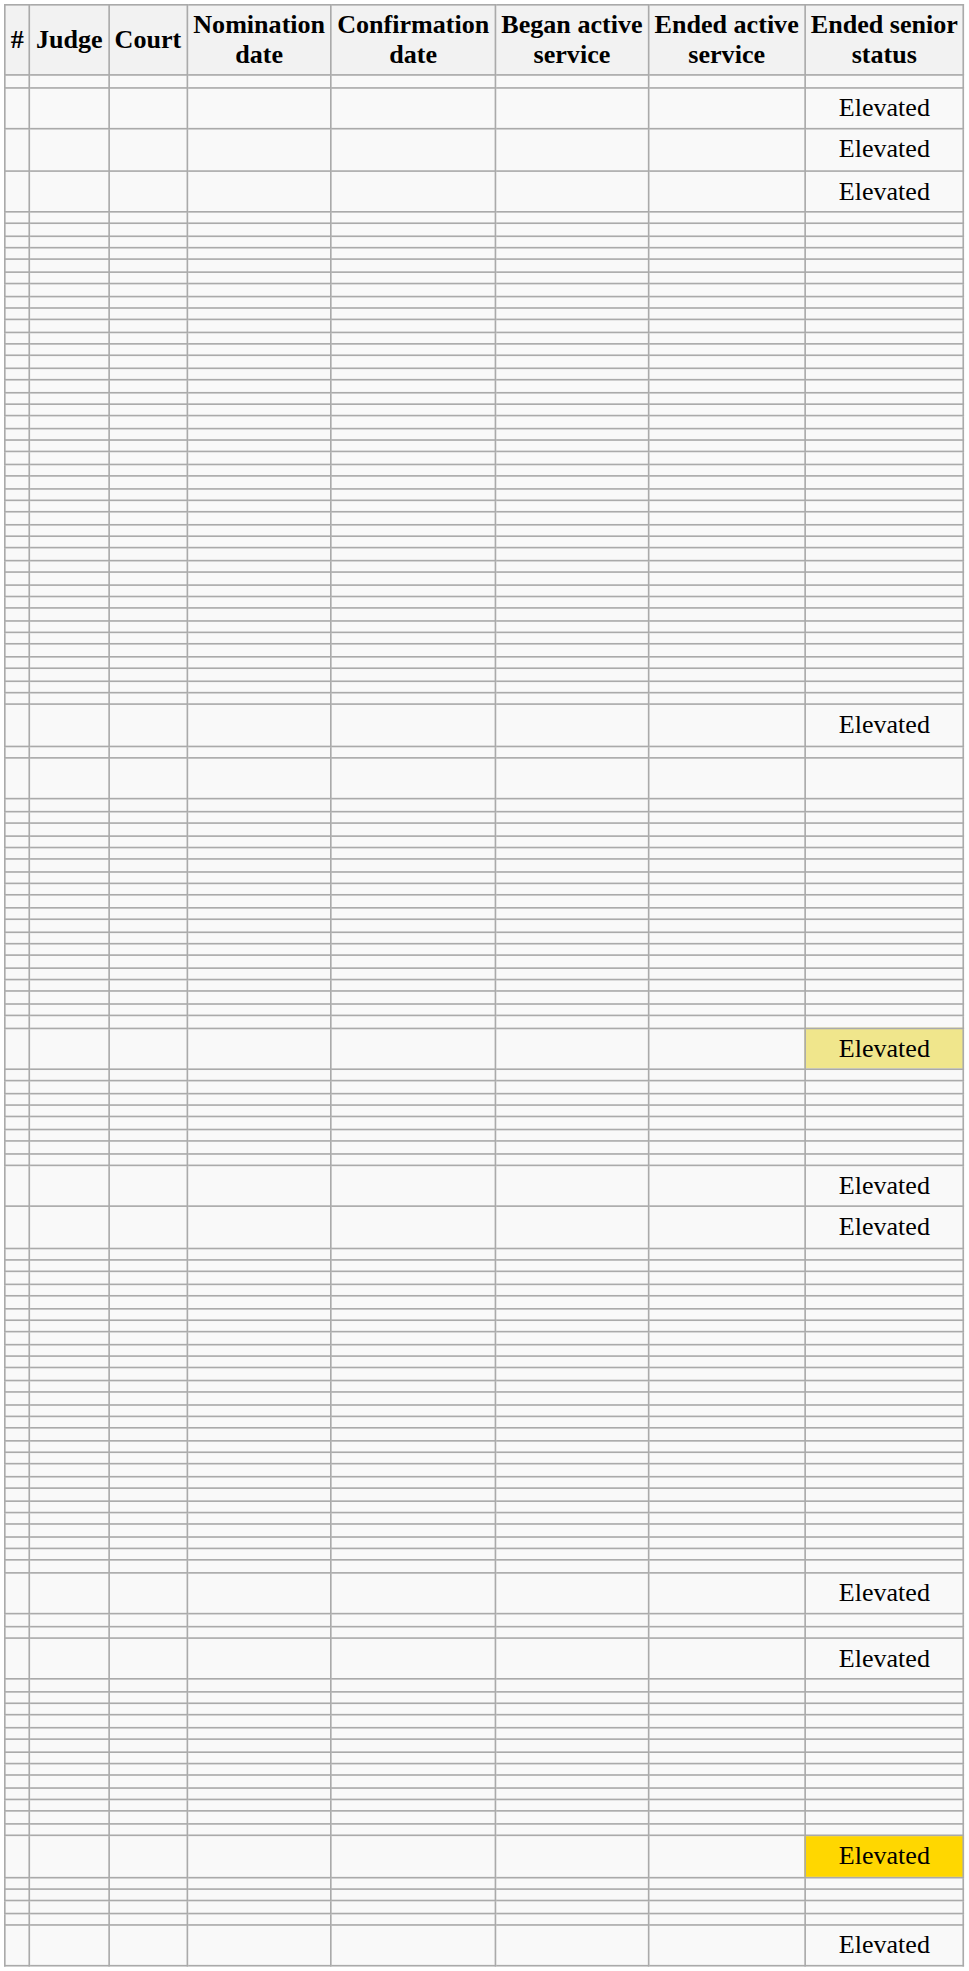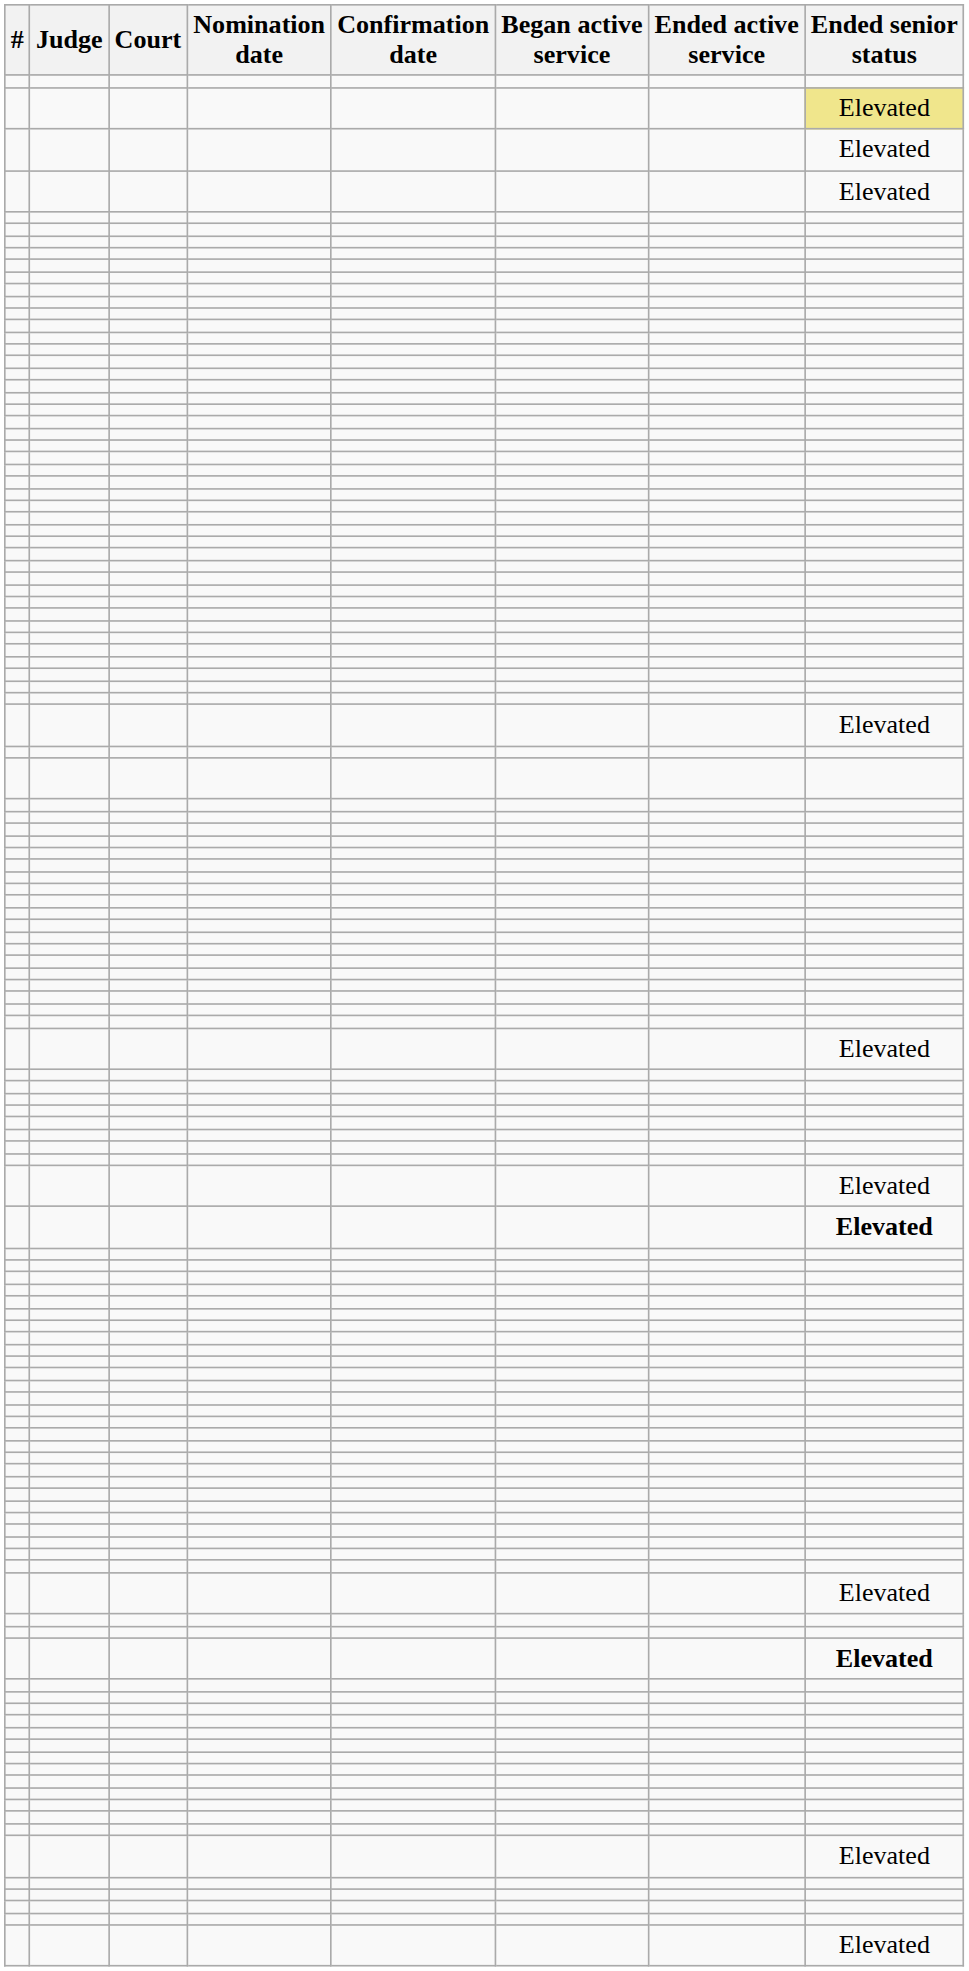 <table class="sortable wikitable">
 <tr bgcolor="#ececec">
 <th>#</th>
 <th>Judge</th>
 <th>Court<br></th>
 <th>Nomination<br>date</th>
 <th>Confirmation<br>date</th>
 <th>Began active<br>service</th>
 <th>Ended active<br>service</th>
 <th>Ended senior<br>status</th>
 </tr>
 <tr>
 <td></td>
 <td></td>
 <td></td>
 <td></td>
 <td></td>
 <td></td>
 <td></td>
 <td></td>
 </tr>
 <tr>
 <td></td>
 <td></td>
 <td></td>
 <td></td>
 <td></td>
 <td></td>
 <td></td>
-<td align="center">Elevated</td>
+<td align="center" style="background: khaki;">Elevated</td>
 </tr>
 <tr>
 <td></td>
 <td></td>
 <td></td>
 <td></td>
 <td></td>
 <td></td>
 <td></td>
 <td align="center">Elevated</td>
 </tr>
 <tr>
 <td></td>
 <td></td>
 <td></td>
 <td></td>
 <td></td>
 <td></td>
 <td></td>
 <td align="center">Elevated</td>
 </tr>
 <tr>
 <td></td>
 <td></td>
 <td></td>
 <td></td>
 <td></td>
 <td></td>
 <td></td>
 <td></td>
 </tr>
 <tr>
 <td></td>
 <td></td>
 <td></td>
 <td></td>
 <td align="center"></td>
 <td></td>
 <td></td>
 <td align="center"></td>
 </tr>
 <tr>
 <td></td>
 <td></td>
 <td></td>
 <td></td>
 <td></td>
 <td></td>
 <td></td>
 <td></td>
 </tr>
 <tr>
 <td></td>
 <td></td>
 <td></td>
 <td></td>
 <td></td>
 <td></td>
 <td></td>
 <td></td>
 </tr>
 <tr>
 <td></td>
 <td></td>
 <td></td>
 <td></td>
 <td></td>
 <td></td>
 <td></td>
 <td align="center"></td>
 </tr>
 <tr>
 <td></td>
 <td></td>
 <td></td>
 <td></td>
 <td></td>
 <td></td>
 <td></td>
 <td></td>
 </tr>
 <tr>
 <td></td>
 <td></td>
 <td></td>
 <td></td>
 <td></td>
 <td></td>
 <td></td>
 <td></td>
 </tr>
 <tr>
 <td></td>
 <td></td>
 <td></td>
 <td></td>
 <td></td>
 <td></td>
 <td></td>
 <td></td>
 </tr>
 <tr>
 <td></td>
 <td></td>
 <td></td>
 <td></td>
 <td></td>
 <td></td>
 <td></td>
 <td></td>
 </tr>
 <tr>
 <td></td>
 <td></td>
 <td></td>
 <td></td>
 <td></td>
 <td></td>
 <td></td>
 <td></td>
 </tr>
 <tr>
 <td></td>
 <td></td>
 <td></td>
 <td></td>
 <td></td>
 <td></td>
 <td></td>
 <td></td>
 </tr>
 <tr>
 <td></td>
 <td></td>
 <td></td>
 <td></td>
 <td></td>
 <td></td>
 <td></td>
 <td></td>
 </tr>
 <tr>
 <td></td>
 <td></td>
 <td></td>
 <td></td>
 <td></td>
 <td></td>
 <td></td>
 <td></td>
 </tr>
 <tr>
 <td></td>
 <td></td>
 <td></td>
 <td></td>
 <td></td>
 <td></td>
 <td></td>
 <td></td>
 </tr>
 <tr>
 <td></td>
 <td></td>
 <td></td>
 <td></td>
 <td></td>
 <td></td>
 <td></td>
 <td align="center"></td>
 </tr>
 <tr>
 <td></td>
 <td></td>
 <td></td>
 <td></td>
 <td></td>
 <td></td>
 <td></td>
 <td></td>
 </tr>
 <tr>
 <td></td>
 <td></td>
 <td></td>
 <td></td>
 <td></td>
 <td></td>
 <td></td>
 <td></td>
 </tr>
 <tr>
 <td></td>
 <td></td>
 <td></td>
 <td></td>
 <td></td>
 <td></td>
 <td></td>
 <td></td>
 </tr>
 <tr>
 <td></td>
 <td></td>
 <td></td>
 <td></td>
 <td></td>
 <td></td>
 <td></td>
 <td></td>
 </tr>
 <tr>
 <td></td>
 <td></td>
 <td></td>
 <td></td>
 <td></td>
 <td></td>
 <td></td>
 <td></td>
 </tr>
 <tr>
 <td></td>
 <td></td>
 <td></td>
 <td></td>
 <td></td>
 <td></td>
 <td></td>
 <td></td>
 </tr>
 <tr>
 <td></td>
 <td></td>
 <td></td>
 <td></td>
 <td></td>
 <td></td>
 <td></td>
 <td></td>
 </tr>
 <tr>
 <td></td>
 <td></td>
 <td></td>
 <td></td>
 <td></td>
 <td></td>
 <td></td>
 <td></td>
 </tr>
 <tr>
 <td></td>
 <td></td>
 <td></td>
 <td></td>
 <td></td>
 <td></td>
 <td></td>
 <td></td>
 </tr>
 <tr>
 <td></td>
 <td></td>
 <td></td>
 <td></td>
 <td></td>
 <td></td>
 <td></td>
 <td></td>
 </tr>
 <tr>
 <td></td>
 <td></td>
 <td></td>
 <td></td>
 <td></td>
 <td></td>
 <td></td>
 <td></td>
 </tr>
 <tr>
 <td></td>
 <td></td>
 <td></td>
 <td></td>
 <td></td>
 <td></td>
 <td></td>
 <td></td>
 </tr>
 <tr>
 <td></td>
 <td></td>
 <td></td>
 <td></td>
 <td></td>
 <td></td>
 <td></td>
 <td></td>
 </tr>
 <tr>
 <td></td>
 <td></td>
 <td></td>
 <td></td>
 <td></td>
 <td></td>
 <td></td>
 <td></td>
 </tr>
 <tr>
 <td></td>
 <td></td>
 <td></td>
 <td></td>
 <td></td>
 <td></td>
 <td></td>
 <td align="center"></td>
 </tr>
 <tr>
 <td></td>
 <td></td>
 <td></td>
 <td></td>
 <td></td>
 <td></td>
 <td></td>
 <td></td>
 </tr>
 <tr>
 <td></td>
 <td></td>
 <td></td>
 <td></td>
 <td></td>
 <td></td>
 <td></td>
 <td align="center"></td>
 </tr>
 <tr>
 <td></td>
 <td></td>
 <td></td>
 <td></td>
 <td></td>
 <td></td>
 <td></td>
 <td></td>
 </tr>
 <tr>
 <td></td>
 <td></td>
 <td></td>
 <td></td>
 <td></td>
 <td></td>
 <td></td>
 <td align="center"></td>
 </tr>
 <tr>
 <td></td>
 <td></td>
 <td></td>
 <td></td>
 <td></td>
 <td></td>
 <td></td>
 <td></td>
 </tr>
 <tr>
 <td></td>
 <td></td>
 <td></td>
 <td></td>
 <td></td>
 <td></td>
 <td></td>
 <td></td>
 </tr>
 <tr>
 <td></td>
 <td></td>
 <td></td>
 <td></td>
 <td></td>
 <td></td>
 <td></td>
 <td></td>
 </tr>
 <tr>
 <td></td>
 <td></td>
 <td></td>
 <td></td>
 <td></td>
 <td></td>
 <td></td>
 <td align="center"></td>
 </tr>
 <tr>
 <td></td>
 <td></td>
 <td></td>
 <td></td>
 <td></td>
 <td></td>
 <td></td>
 <td></td>
 </tr>
 <tr>
 <td></td>
 <td></td>
 <td></td>
 <td></td>
 <td></td>
 <td></td>
 <td></td>
 <td></td>
 </tr>
 <tr>
 <td></td>
 <td></td>
 <td></td>
 <td></td>
 <td></td>
 <td></td>
 <td></td>
 <td></td>
 </tr>
 <tr>
 <td></td>
 <td></td>
 <td></td>
 <td></td>
 <td></td>
 <td></td>
 <td></td>
 <td align="center">Elevated</td>
 </tr>
 <tr>
 <td></td>
 <td></td>
 <td></td>
 <td></td>
 <td></td>
 <td></td>
 <td></td>
 <td></td>
 </tr>
 <tr>
 <td></td>
 <td></td>
 <td></td>
 <td></td>
 <td></td>
 <td></td>
 <td><br></td>
 <td align="center"><br></td>
 </tr>
 <tr>
 <td></td>
 <td></td>
 <td></td>
 <td></td>
 <td></td>
 <td></td>
 <td></td>
 <td></td>
 </tr>
 <tr>
 <td></td>
 <td></td>
 <td></td>
 <td></td>
 <td></td>
 <td></td>
 <td></td>
 <td></td>
 </tr>
 <tr>
 <td></td>
 <td></td>
 <td></td>
 <td></td>
 <td></td>
 <td></td>
 <td></td>
 <td></td>
 </tr>
 <tr>
 <td></td>
 <td></td>
 <td></td>
 <td></td>
 <td></td>
 <td></td>
 <td></td>
 <td></td>
 </tr>
 <tr>
 <td></td>
 <td></td>
 <td></td>
 <td></td>
 <td></td>
 <td></td>
 <td></td>
 <td></td>
 </tr>
 <tr>
 <td></td>
 <td></td>
 <td></td>
 <td></td>
 <td></td>
 <td></td>
 <td></td>
 <td></td>
 </tr>
 <tr>
 <td></td>
 <td></td>
 <td></td>
 <td></td>
 <td></td>
 <td></td>
 <td></td>
 <td></td>
 </tr>
 <tr>
 <td></td>
 <td></td>
 <td></td>
 <td></td>
 <td></td>
 <td></td>
 <td></td>
 <td align="center"></td>
 </tr>
 <tr>
 <td></td>
 <td></td>
 <td></td>
 <td></td>
 <td></td>
 <td></td>
 <td></td>
 <td align="center"></td>
 </tr>
 <tr>
 <td></td>
 <td></td>
 <td></td>
 <td></td>
 <td></td>
 <td></td>
 <td></td>
 <td></td>
 </tr>
 <tr>
 <td></td>
 <td></td>
 <td></td>
 <td></td>
 <td></td>
 <td></td>
 <td></td>
 <td align="center"></td>
 </tr>
 <tr>
 <td></td>
 <td></td>
 <td></td>
 <td></td>
 <td></td>
 <td></td>
 <td></td>
 <td></td>
 </tr>
 <tr>
 <td></td>
 <td></td>
 <td></td>
 <td></td>
 <td></td>
 <td></td>
 <td></td>
 <td align="center"></td>
 </tr>
 <tr>
 <td></td>
 <td></td>
 <td></td>
 <td></td>
 <td></td>
 <td></td>
 <td></td>
 <td></td>
 </tr>
 <tr>
 <td></td>
 <td></td>
 <td></td>
 <td></td>
 <td></td>
 <td></td>
 <td></td>
 <td></td>
 </tr>
 <tr>
 <td></td>
 <td></td>
 <td></td>
 <td></td>
 <td></td>
 <td></td>
 <td></td>
 <td></td>
 </tr>
 <tr>
 <td></td>
 <td></td>
 <td></td>
 <td></td>
 <td></td>
 <td></td>
 <td></td>
 <td></td>
 </tr>
 <tr>
 <td></td>
 <td></td>
 <td></td>
 <td></td>
 <td></td>
 <td></td>
 <td></td>
 <td></td>
 </tr>
 <tr>
 <td></td>
 <td></td>
 <td></td>
 <td></td>
 <td></td>
 <td></td>
 <td></td>
 <td></td>
 </tr>
 <tr>
 <td></td>
 <td></td>
 <td></td>
 <td></td>
 <td></td>
 <td></td>
 <td></td>
-<td align="center" style="background: khaki;">Elevated</td>
+<td align="center">Elevated</td>
 </tr>
 <tr>
 <td></td>
 <td></td>
 <td></td>
 <td></td>
 <td></td>
 <td></td>
 <td></td>
 <td></td>
 </tr>
 <tr>
 <td></td>
 <td></td>
 <td></td>
 <td></td>
 <td></td>
 <td></td>
 <td></td>
 <td></td>
 </tr>
 <tr>
 <td></td>
 <td></td>
 <td></td>
 <td></td>
 <td></td>
 <td></td>
 <td></td>
 <td></td>
 </tr>
 <tr>
 <td></td>
 <td></td>
 <td></td>
 <td></td>
 <td></td>
 <td></td>
 <td></td>
 <td></td>
 </tr>
 <tr>
 <td></td>
 <td></td>
 <td></td>
 <td></td>
 <td></td>
 <td></td>
 <td></td>
 <td></td>
 </tr>
 <tr>
 <td></td>
 <td></td>
 <td></td>
 <td></td>
 <td></td>
 <td></td>
 <td></td>
 <td></td>
 </tr>
 <tr>
 <td></td>
 <td></td>
 <td></td>
 <td></td>
 <td></td>
 <td></td>
 <td></td>
 <td></td>
 </tr>
 <tr>
 <td></td>
 <td></td>
 <td></td>
 <td></td>
 <td></td>
 <td></td>
 <td></td>
 <td></td>
 </tr>
 <tr>
 <td></td>
 <td></td>
 <td></td>
 <td></td>
 <td></td>
 <td></td>
 <td></td>
 <td align="center">Elevated</td>
 </tr>
 <tr>
 <td></td>
 <td></td>
 <td></td>
 <td></td>
 <td></td>
 <td></td>
 <td></td>
-<td align="center">Elevated</td>
+<td align="center"><strong>Elevated</strong></td>
 </tr>
 <tr>
 <td></td>
 <td></td>
 <td></td>
 <td></td>
 <td></td>
 <td></td>
 <td></td>
 <td></td>
 </tr>
 <tr>
 <td></td>
 <td></td>
 <td></td>
 <td></td>
 <td></td>
 <td></td>
 <td></td>
 <td></td>
 </tr>
 <tr>
 <td></td>
 <td></td>
 <td></td>
 <td></td>
 <td></td>
 <td></td>
 <td></td>
 <td></td>
 </tr>
 <tr>
 <td></td>
 <td></td>
 <td></td>
 <td></td>
 <td></td>
 <td></td>
 <td></td>
 <td align="center"></td>
 </tr>
 <tr>
 <td></td>
 <td></td>
 <td></td>
 <td></td>
 <td></td>
 <td></td>
 <td></td>
 <td></td>
 </tr>
 <tr>
 <td></td>
 <td></td>
 <td></td>
 <td></td>
 <td></td>
 <td></td>
 <td></td>
 <td></td>
 </tr>
 <tr>
 <td></td>
 <td></td>
 <td></td>
 <td></td>
 <td></td>
 <td></td>
 <td></td>
 <td align="center"></td>
 </tr>
 <tr>
 <td></td>
 <td></td>
 <td></td>
 <td></td>
 <td></td>
 <td></td>
 <td></td>
 <td></td>
 </tr>
 <tr>
 <td></td>
 <td></td>
 <td></td>
 <td></td>
 <td></td>
 <td></td>
 <td></td>
 <td></td>
 </tr>
 <tr>
 <td></td>
 <td></td>
 <td></td>
 <td></td>
 <td></td>
 <td></td>
 <td></td>
 <td></td>
 </tr>
 <tr>
 <td></td>
 <td></td>
 <td></td>
 <td></td>
 <td></td>
 <td></td>
 <td></td>
 <td align="center"></td>
 </tr>
 <tr>
 <td></td>
 <td></td>
 <td></td>
 <td></td>
 <td></td>
 <td></td>
 <td></td>
 <td></td>
 </tr>
 <tr>
 <td></td>
 <td></td>
 <td></td>
 <td></td>
 <td></td>
 <td></td>
 <td></td>
 <td></td>
 </tr>
 <tr>
 <td></td>
 <td></td>
 <td></td>
 <td></td>
 <td></td>
 <td></td>
 <td></td>
 <td></td>
 </tr>
 <tr>
 <td></td>
 <td></td>
 <td></td>
 <td></td>
 <td></td>
 <td></td>
 <td></td>
 <td></td>
 </tr>
 <tr>
 <td></td>
 <td></td>
 <td></td>
 <td></td>
 <td></td>
 <td></td>
 <td></td>
 <td></td>
 </tr>
 <tr>
 <td></td>
 <td></td>
 <td></td>
 <td></td>
 <td></td>
 <td></td>
 <td></td>
 <td></td>
 </tr>
 <tr>
 <td></td>
 <td></td>
 <td></td>
 <td></td>
 <td></td>
 <td></td>
 <td></td>
 <td></td>
 </tr>
 <tr>
 <td></td>
 <td></td>
 <td></td>
 <td></td>
 <td></td>
 <td></td>
 <td></td>
 <td align="center"></td>
 </tr>
 <tr>
 <td></td>
 <td></td>
 <td></td>
 <td></td>
 <td></td>
 <td></td>
 <td></td>
 <td></td>
 </tr>
 <tr>
 <td></td>
 <td></td>
 <td></td>
 <td></td>
 <td></td>
 <td></td>
 <td></td>
 <td></td>
 </tr>
 <tr>
 <td></td>
 <td></td>
 <td></td>
 <td></td>
 <td></td>
 <td></td>
 <td></td>
 <td align="center"></td>
 </tr>
 <tr>
 <td></td>
 <td></td>
 <td></td>
 <td></td>
 <td></td>
 <td></td>
 <td></td>
 <td align="center"></td>
 </tr>
 <tr>
 <td></td>
 <td></td>
 <td></td>
 <td></td>
 <td></td>
 <td></td>
 <td></td>
 <td></td>
 </tr>
 <tr>
 <td></td>
 <td></td>
 <td></td>
 <td></td>
 <td></td>
 <td></td>
 <td></td>
 <td></td>
 </tr>
 <tr>
 <td></td>
 <td></td>
 <td></td>
 <td></td>
 <td></td>
 <td></td>
 <td></td>
 <td></td>
 </tr>
 <tr>
 <td></td>
 <td></td>
 <td></td>
 <td></td>
 <td></td>
 <td></td>
 <td></td>
 <td></td>
 </tr>
 <tr>
 <td></td>
 <td></td>
 <td></td>
 <td></td>
 <td></td>
 <td></td>
 <td></td>
 <td align="center">Elevated</td>
 </tr>
 <tr>
 <td></td>
 <td></td>
 <td></td>
 <td></td>
 <td></td>
 <td></td>
 <td></td>
 <td></td>
 </tr>
 <tr>
 <td></td>
 <td></td>
 <td></td>
 <td></td>
 <td></td>
 <td></td>
 <td></td>
 <td></td>
 </tr>
 <tr>
 <td></td>
 <td></td>
 <td></td>
 <td></td>
 <td></td>
 <td></td>
 <td></td>
-<td align="center">Elevated</td>
+<td align="center"><strong>Elevated</strong></td>
 </tr>
 <tr>
 <td></td>
 <td></td>
 <td></td>
 <td></td>
 <td></td>
 <td></td>
 <td></td>
 <td></td>
 </tr>
 <tr>
 <td></td>
 <td></td>
 <td></td>
 <td></td>
 <td></td>
 <td></td>
 <td></td>
 <td></td>
 </tr>
 <tr>
 <td></td>
 <td></td>
 <td></td>
 <td></td>
 <td></td>
 <td></td>
 <td></td>
 <td></td>
 </tr>
 <tr>
 <td></td>
 <td></td>
 <td></td>
 <td></td>
 <td></td>
 <td></td>
 <td></td>
 <td></td>
 </tr>
 <tr>
 <td></td>
 <td></td>
 <td></td>
 <td></td>
 <td></td>
 <td></td>
 <td></td>
 <td></td>
 </tr>
 <tr>
 <td></td>
 <td></td>
 <td></td>
 <td></td>
 <td></td>
 <td></td>
 <td></td>
 <td></td>
 </tr>
 <tr>
 <td></td>
 <td></td>
 <td></td>
 <td></td>
 <td></td>
 <td></td>
 <td></td>
 <td></td>
 </tr>
 <tr>
 <td></td>
 <td></td>
 <td></td>
 <td></td>
 <td></td>
 <td></td>
 <td></td>
 <td align="center"></td>
 </tr>
 <tr>
 <td></td>
 <td></td>
 <td></td>
 <td></td>
 <td></td>
 <td></td>
 <td></td>
 <td></td>
 </tr>
 <tr>
 <td></td>
 <td></td>
 <td></td>
 <td></td>
 <td></td>
 <td></td>
 <td></td>
 <td></td>
 </tr>
 <tr>
 <td></td>
 <td></td>
 <td></td>
 <td></td>
 <td></td>
 <td></td>
 <td></td>
 <td></td>
 </tr>
 <tr>
 <td></td>
 <td></td>
 <td></td>
 <td></td>
 <td></td>
 <td></td>
 <td></td>
 <td align="center"></td>
 </tr>
 <tr>
 <td></td>
 <td></td>
 <td></td>
 <td></td>
 <td></td>
 <td></td>
 <td></td>
 <td align="center"></td>
 </tr>
 <tr>
 <td></td>
 <td></td>
 <td></td>
 <td></td>
 <td></td>
 <td></td>
 <td></td>
-<td align="center" style="background: gold;">Elevated</td>
+<td align="center">Elevated</td>
 </tr>
 <tr>
 <td></td>
 <td></td>
 <td></td>
 <td></td>
 <td></td>
 <td></td>
 <td></td>
 <td></td>
 </tr>
 <tr>
 <td></td>
 <td></td>
 <td></td>
 <td></td>
 <td></td>
 <td></td>
 <td></td>
 <td></td>
 </tr>
 <tr>
 <td></td>
 <td></td>
 <td></td>
 <td></td>
 <td></td>
 <td></td>
 <td></td>
 <td></td>
 </tr>
 <tr>
 <td></td>
 <td></td>
 <td></td>
 <td></td>
 <td></td>
 <td></td>
 <td></td>
 <td align="center"></td>
 </tr>
 <tr>
 <td></td>
 <td></td>
 <td></td>
 <td></td>
 <td></td>
 <td></td>
 <td></td>
 <td align="center">Elevated</td>
 </tr>
 </table>
